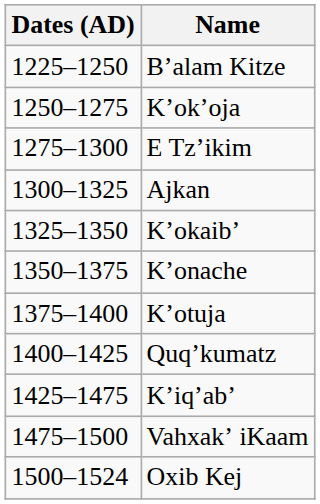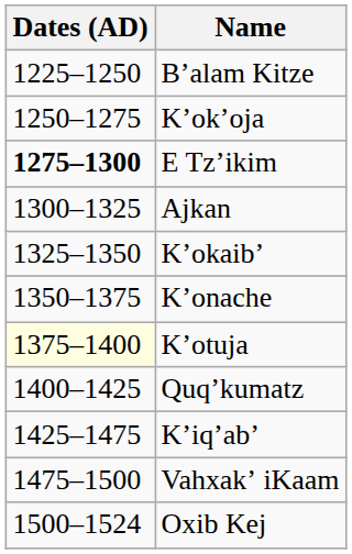 <table class="wikitable" style="margin-left: auto; margin-right: auto; border: none;">
 <tr>
 <th>Dates (AD)</th>
 <th>Name</th>
 </tr>
 <tr>
 <td>1225–1250</td>
 <td>Bʼalam Kitze</td>
 </tr>
 <tr>
 <td>1250–1275</td>
 <td>Kʼokʼoja</td>
 </tr>
 <tr>
-<td>1275–1300</td>
+<td><strong>1275–1300</strong></td>
 <td>E Tzʼikim</td>
 </tr>
 <tr>
 <td>1300–1325</td>
 <td>Ajkan</td>
 </tr>
 <tr>
 <td>1325–1350</td>
 <td>Kʼokaibʼ</td>
 </tr>
 <tr>
 <td>1350–1375</td>
 <td>Kʼonache</td>
 </tr>
 <tr>
-<td>1375–1400</td>
+<td style="background: lightyellow;">1375–1400</td>
 <td>Kʼotuja</td>
 </tr>
 <tr>
 <td>1400–1425</td>
 <td>Quqʼkumatz</td>
 </tr>
 <tr>
 <td>1425–1475</td>
 <td>Kʼiqʼabʼ</td>
 </tr>
 <tr>
 <td>1475–1500</td>
 <td>Vahxakʼ iKaam</td>
 </tr>
 <tr>
 <td>1500–1524</td>
 <td>Oxib Kej</td>
 </tr>
 </table>
